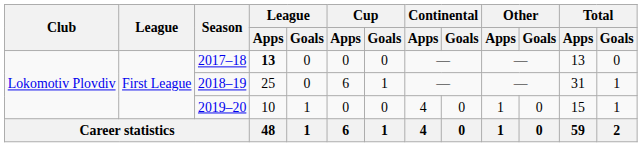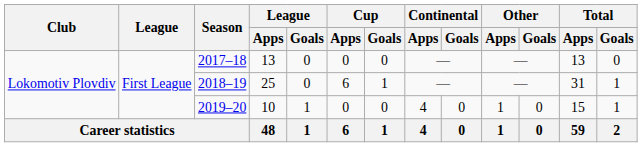 <table class="wikitable" style="font-size:90%; text-align: center">
 <tr>
 <th rowspan=2>Club</th>
 <th rowspan=2>League</th>
 <th rowspan=2>Season</th>
 <th colspan=2>League</th>
 <th colspan=2>Cup</th>
 <th colspan=2>Continental</th>
 <th colspan=2>Other</th>
 <th colspan=2>Total</th>
 </tr>
 <tr>
 <th>Apps</th>
 <th>Goals</th>
 <th>Apps</th>
 <th>Goals</th>
 <th>Apps</th>
 <th>Goals</th>
 <th>Apps</th>
 <th>Goals</th>
 <th>Apps</th>
 <th>Goals</th>
 </tr>
 <tr>
 <td rowspan=3 valign="center"><a href='#'>Lokomotiv Plovdiv</a></td>
 <td rowspan="3"><a href='#'>First League</a></td>
 <td><a href='#'>2017–18</a></td>
-<td><strong>13</strong></td>
+<td>13</td>
 <td>0</td>
 <td>0</td>
 <td>0</td>
 <td colspan="2">—</td>
 <td colspan="2">—</td>
 <td>13</td>
 <td>0</td>
 </tr>
 <tr>
 <td><a href='#'>2018–19</a></td>
 <td>25</td>
 <td>0</td>
 <td>6</td>
 <td>1</td>
 <td colspan="2">—</td>
 <td colspan="2">—</td>
 <td>31</td>
 <td>1</td>
 </tr>
 <tr>
 <td><a href='#'>2019–20</a></td>
 <td>10</td>
 <td>1</td>
 <td>0</td>
 <td>0</td>
 <td>4</td>
 <td>0</td>
 <td>1</td>
 <td>0</td>
 <td>15</td>
 <td>1</td>
 </tr>
 <tr>
 <th colspan=3>Career statistics</th>
 <th>48</th>
 <th>1</th>
 <th>6</th>
 <th>1</th>
 <th>4</th>
 <th>0</th>
 <th>1</th>
 <th>0</th>
 <th>59</th>
 <th>2</th>
 </tr>
 </table>
